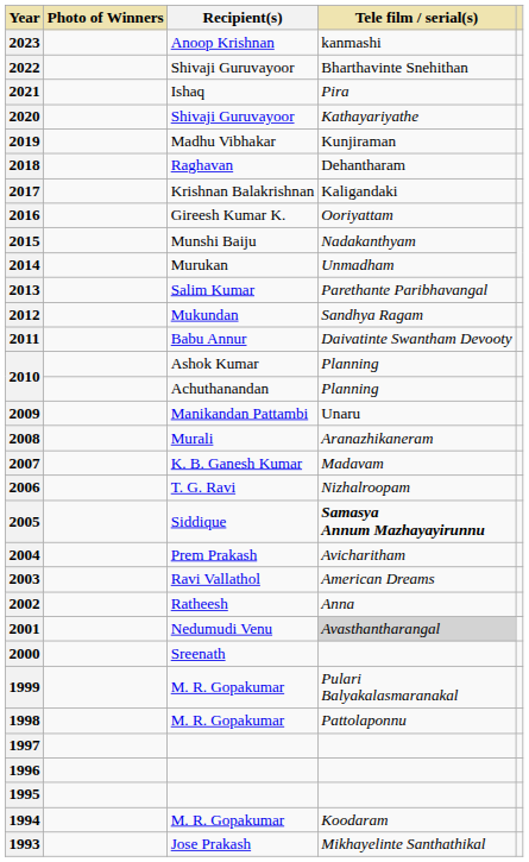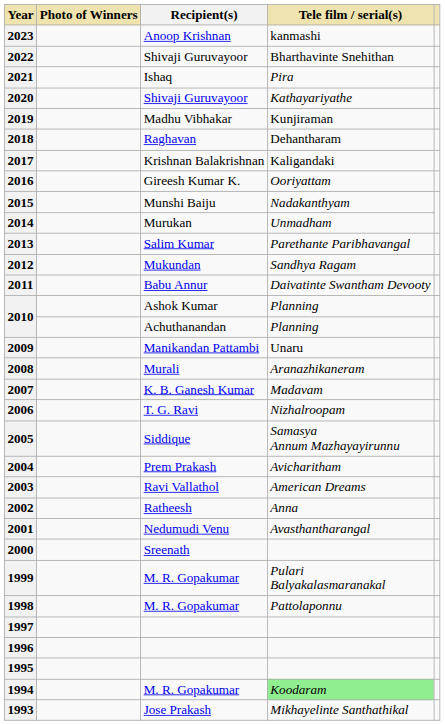 <table class="wikitable sortable plainrowheaders">
 <tr>
 <th scope="col" style="background-color:#EFE4B0;">Year</th>
 <th scope="col" style="background-color:#EFE4B0;">Photo of Winners</th>
 <th>Recipient(s)</th>
 <th scope="col" style="background-color:#EFE4B0;">Tele film / serial(s)</th>
 <th scope="col" class="unsortable" style="background-color:#EFE4B0;"></th>
 </tr>
 <tr>
 <th scope="row">2023</th>
 <td></td>
 <td><a href='#'>Anoop Krishnan</a></td>
 <td>kanmashi</td>
 </tr>
 <tr>
 <th scope="row">2022</th>
 <td></td>
 <td>Shivaji Guruvayoor</td>
 <td>Bharthavinte Snehithan</td>
 <td></td>
 </tr>
 <tr>
 <th scope="row">2021</th>
 <td></td>
 <td>Ishaq</td>
 <td><em>Pira</em></td>
 <td></td>
 </tr>
 <tr>
 <th scope="row">2020</th>
 <td></td>
 <td><a href='#'>Shivaji Guruvayoor</a></td>
 <td><em>Kathayariyathe</em></td>
 <td></td>
 </tr>
 <tr>
 <th scope="row">2019</th>
 <td></td>
 <td>Madhu Vibhakar</td>
 <td>Kunjiraman</td>
 <td></td>
 </tr>
 <tr>
 <th scope="row">2018</th>
 <td></td>
 <td><a href='#'>Raghavan</a></td>
 <td>Dehantharam</td>
 <td></td>
 </tr>
 <tr>
 <th scope="row">2017</th>
 <td></td>
 <td>Krishnan Balakrishnan</td>
 <td>Kaligandaki</td>
 <td></td>
 </tr>
 <tr>
 <th scope="row">2016</th>
 <td></td>
 <td>Gireesh Kumar K.</td>
 <td><em>Ooriyattam</em></td>
 <td></td>
 </tr>
 <tr>
 <th scope="row">2015</th>
 <td></td>
 <td>Munshi Baiju</td>
 <td><em>Nadakanthyam</em></td>
 <td rowspan=2></td>
 </tr>
 <tr>
 <th scope="row">2014</th>
 <td></td>
 <td>Murukan</td>
 <td><em>Unmadham</em></td>
 </tr>
 <tr>
 <th scope="row">2013</th>
 <td></td>
 <td><a href='#'>Salim Kumar</a></td>
 <td><em>Parethante Paribhavangal</em></td>
 <td></td>
 </tr>
 <tr>
 <th scope="row">2012</th>
 <td></td>
 <td><a href='#'>Mukundan</a></td>
 <td><em>Sandhya Ragam</em></td>
 <td></td>
 </tr>
 <tr>
 <th scope="row">2011</th>
 <td></td>
 <td><a href='#'>Babu Annur</a></td>
 <td><em>Daivatinte Swantham Devooty</em></td>
 <td></td>
 </tr>
 <tr>
 <th scope="row" rowspan="2">2010</th>
 <td></td>
 <td>Ashok Kumar</td>
 <td><em>Planning</em></td>
 <td></td>
 </tr>
 <tr>
 <td></td>
 <td>Achuthanandan</td>
 <td><em>Planning</em></td>
 <td></td>
 </tr>
 <tr>
 <th scope="row">2009</th>
 <td></td>
 <td><a href='#'>Manikandan Pattambi</a></td>
 <td>Unaru</td>
 <td></td>
 </tr>
 <tr>
 <th scope="row">2008</th>
 <td></td>
 <td><a href='#'>Murali</a></td>
 <td><em>Aranazhikaneram</em></td>
 <td></td>
 </tr>
 <tr>
 <th scope="row">2007</th>
 <td></td>
 <td><a href='#'>K. B. Ganesh Kumar</a></td>
 <td><em>Madavam</em></td>
 <td></td>
 </tr>
 <tr>
 <th scope="row">2006</th>
 <td></td>
 <td><a href='#'>T. G. Ravi</a></td>
 <td><em>Nizhalroopam</em></td>
 <td></td>
 </tr>
 <tr>
 <th scope="row">2005</th>
 <td></td>
 <td><a href='#'>Siddique</a></td>
-<td><strong><em>Samasya</em><br><em>Annum Mazhayayirunnu</em></strong></td>
+<td><em>Samasya</em><br><em>Annum Mazhayayirunnu</em></td>
 <td></td>
 </tr>
 <tr>
 <th scope="row">2004</th>
 <td></td>
 <td><a href='#'>Prem Prakash</a></td>
 <td><em>Avicharitham</em></td>
 <td></td>
 </tr>
 <tr>
 <th scope="row">2003</th>
 <td></td>
 <td><a href='#'>Ravi Vallathol</a></td>
 <td><em>American Dreams</em></td>
 <td></td>
 </tr>
 <tr>
 <th scope="row">2002</th>
 <td></td>
 <td><a href='#'>Ratheesh</a></td>
 <td><em>Anna</em></td>
 <td></td>
 </tr>
 <tr>
 <th scope="row">2001</th>
 <td></td>
 <td><a href='#'>Nedumudi Venu</a></td>
-<td style="background: lightgrey;"><em>Avasthantharangal</em></td>
+<td><em>Avasthantharangal</em></td>
 <td></td>
 </tr>
 <tr>
 <th scope="row">2000</th>
 <td></td>
 <td><a href='#'>Sreenath</a></td>
 <td></td>
 <td></td>
 </tr>
 <tr>
 <th scope="row">1999</th>
 <td></td>
 <td><a href='#'>M. R. Gopakumar</a></td>
 <td><em>Pulari</em><br><em>Balyakalasmaranakal</em></td>
 <td></td>
 </tr>
 <tr>
 <th scope="row">1998</th>
 <td></td>
 <td><a href='#'>M. R. Gopakumar</a></td>
 <td><em>Pattolaponnu</em></td>
 <td></td>
 </tr>
 <tr>
 <th scope="row">1997</th>
 <td></td>
 <td></td>
 <td></td>
 <td></td>
 </tr>
 <tr>
 <th scope="row">1996</th>
 <td></td>
 <td></td>
 <td></td>
 <td></td>
 </tr>
 <tr>
 <th scope="row">1995</th>
 <td></td>
 <td></td>
 <td></td>
 <td></td>
 </tr>
 <tr>
 <th scope="row">1994</th>
 <td></td>
 <td><a href='#'>M. R. Gopakumar</a></td>
-<td><em>Koodaram</em></td>
+<td style="background: lightgreen;"><em>Koodaram</em></td>
 <td></td>
 </tr>
 <tr>
 <th scope="row">1993</th>
 <td></td>
 <td><a href='#'>Jose Prakash</a></td>
 <td><em>Mikhayelinte Santhathikal</em></td>
 <td></td>
 </tr>
 </table>
